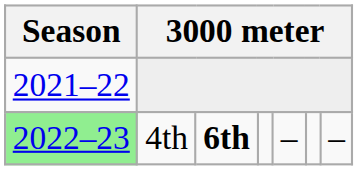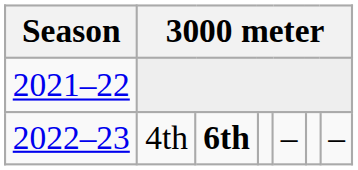 <table class="wikitable" style="display: inline-table;">
 <tr>
 <th>Season</th>
 <th colspan="6">3000 meter</th>
 </tr>
 <tr>
 <td><a href='#'>2021–22</a></td>
 <td colspan="6" bgcolor=#EEEEEE></td>
 </tr>
 <tr>
-<td style="background: lightgreen;"><a href='#'>2022–23</a></td>
+<td><a href='#'>2022–23</a></td>
 <td>4th</td>
 <td><strong>6th</strong></td>
 <td></td>
 <td>–</td>
 <td></td>
 <td>–</td>
 </tr>
 </table>
